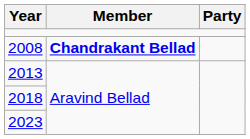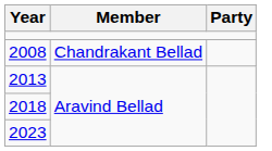 <table class="wikitable">
 <tr>
 <th>Year</th>
 <th>Member</th>
 <th colspan="2">Party</th>
 </tr>
 <tr>
 <td colspan="4"></td>
 </tr>
 <tr>
 <td><a href='#'>2008</a></td>
-<td><strong><a href='#'>Chandrakant Bellad</a></strong></td>
+<td><a href='#'>Chandrakant Bellad</a></td>
 <td></td>
 </tr>
 <tr>
 <td><a href='#'>2013</a></td>
 <td rowspan="3"><a href='#'>Aravind Bellad</a></td>
 </tr>
 <tr>
 <td><a href='#'>2018</a></td>
 </tr>
 <tr>
 <td><a href='#'>2023</a></td>
 </tr>
 </table>
